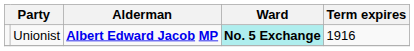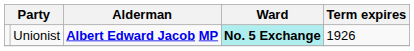 <table class="wikitable">
 <tr>
 <th colspan="2">Party</th>
 <th>Alderman</th>
 <th>Ward</th>
 <th>Term expires</th>
 </tr>
 <tr>
 <td style="background-color:"></td>
 <td>Unionist</td>
 <td><strong><a href='#'>Albert Edward Jacob</a> <a href='#'>MP</a></strong></td>
 <td style="background: paleturquoise;"><strong>No. 5 Exchange</strong></td>
-<td>1916</td>
+<td>1926</td>
 </tr>
 <tr>
 </tr>
 </table>
